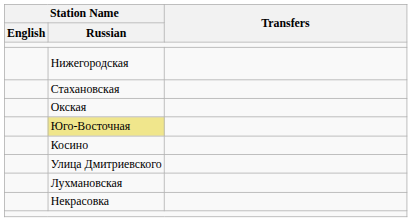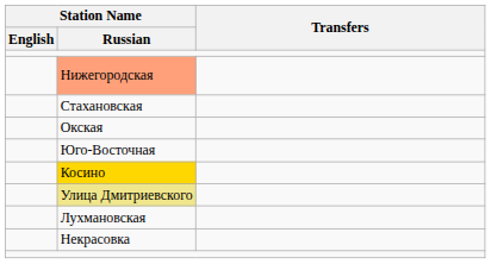 <table class="wikitable">
 <tr>
 <th colspan="2" style="min-width: 165px;">Station Name</th>
 <th rowspan=2 style="min-width: 320px;">Transfers</th>
 </tr>
 <tr>
 <th>English</th>
 <th>Russian</th>
 </tr>
 <tr style="background: #">
 <td colspan="4"></td>
 </tr>
 <tr>
 <td></td>
-<td>Нижегородская</td>
+<td style="background: lightsalmon;">Нижегородская</td>
 <td><br><br><em></em></td>
 </tr>
 <tr>
 <td></td>
 <td>Стахановская</td>
 </tr>
 <tr>
 <td></td>
 <td>Окская</td>
 <td></td>
 </tr>
 <tr>
 <td></td>
-<td style="background: khaki;">Юго-Восточная</td>
+<td>Юго-Восточная</td>
 <td></td>
 </tr>
 <tr>
 <td></td>
-<td>Косино</td>
+<td style="background: gold;">Косино</td>
 <td><br><em></em></td>
 </tr>
 <tr>
 <td></td>
-<td>Улица Дмитриевского</td>
+<td style="background: khaki;">Улица Дмитриевского</td>
 <td></td>
 </tr>
 <tr>
 <td></td>
 <td>Лухмановская</td>
 <td></td>
 </tr>
 <tr>
 <td></td>
 <td>Некрасовка</td>
 <td></td>
 </tr>
 <tr style="background: #">
 <td colspan="4"></td>
 </tr>
 </table>
